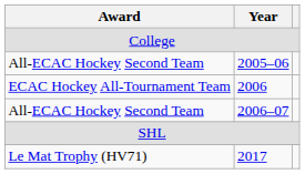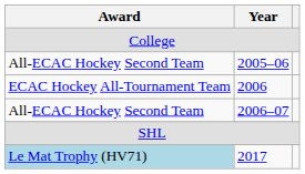 <table class="wikitable">
 <tr>
 <th>Award</th>
 <th>Year</th>
 <th></th>
 </tr>
 <tr ALIGN="center" bgcolor="#e0e0e0">
 <td colspan="3"><a href='#'>College</a></td>
 </tr>
 <tr>
 <td>All-<a href='#'>ECAC Hockey</a> <a href='#'>Second Team</a></td>
 <td><a href='#'>2005–06</a></td>
 <td></td>
 </tr>
 <tr>
 <td><a href='#'>ECAC Hockey</a> <a href='#'>All-Tournament Team</a></td>
 <td><a href='#'>2006</a></td>
 <td></td>
 </tr>
 <tr>
 <td>All-<a href='#'>ECAC Hockey</a> <a href='#'>Second Team</a></td>
 <td><a href='#'>2006–07</a></td>
 <td></td>
 </tr>
 <tr ALIGN="center" bgcolor="#e0e0e0">
 <td colspan="3"><a href='#'>SHL</a></td>
 </tr>
 <tr>
-<td><a href='#'>Le Mat Trophy</a> (HV71)</td>
+<td style="background: lightblue;"><a href='#'>Le Mat Trophy</a> (HV71)</td>
 <td><a href='#'>2017</a></td>
 <td></td>
 </tr>
 </table>
